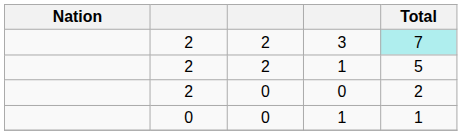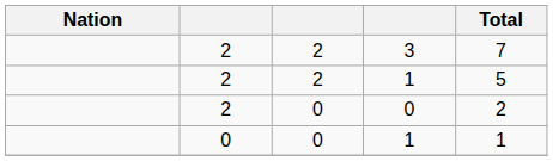 <table class="wikitable sortable" style="text-align:center;">
 <tr>
 <th width=140px>Nation</th>
 <th width=70px></th>
 <th width=70px></th>
 <th width=70px></th>
 <th width=70px>Total</th>
 </tr>
 <tr>
 <td align=left></td>
 <td>2</td>
 <td>2</td>
 <td>3</td>
-<td style="background: paleturquoise;">7</td>
+<td>7</td>
 </tr>
 <tr>
 <td align=left></td>
 <td>2</td>
 <td>2</td>
 <td>1</td>
 <td>5</td>
 </tr>
 <tr>
 <td align=left></td>
 <td>2</td>
 <td>0</td>
 <td>0</td>
 <td>2</td>
 </tr>
 <tr>
 <td align=left></td>
 <td>0</td>
 <td>0</td>
 <td>1</td>
 <td>1</td>
 </tr>
 <tr>
 </tr>
 </table>
